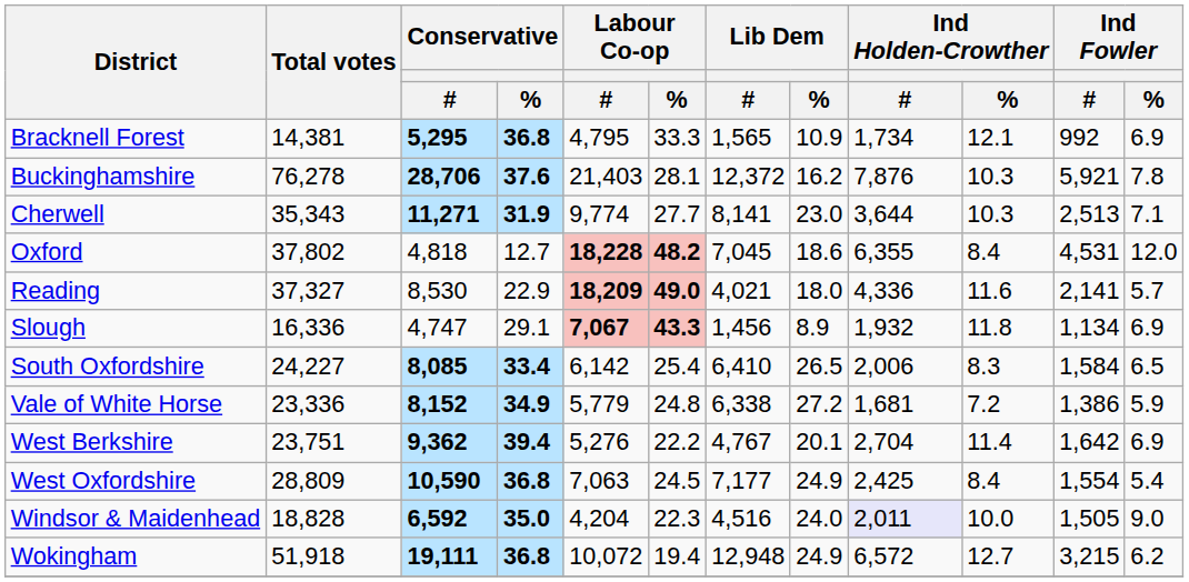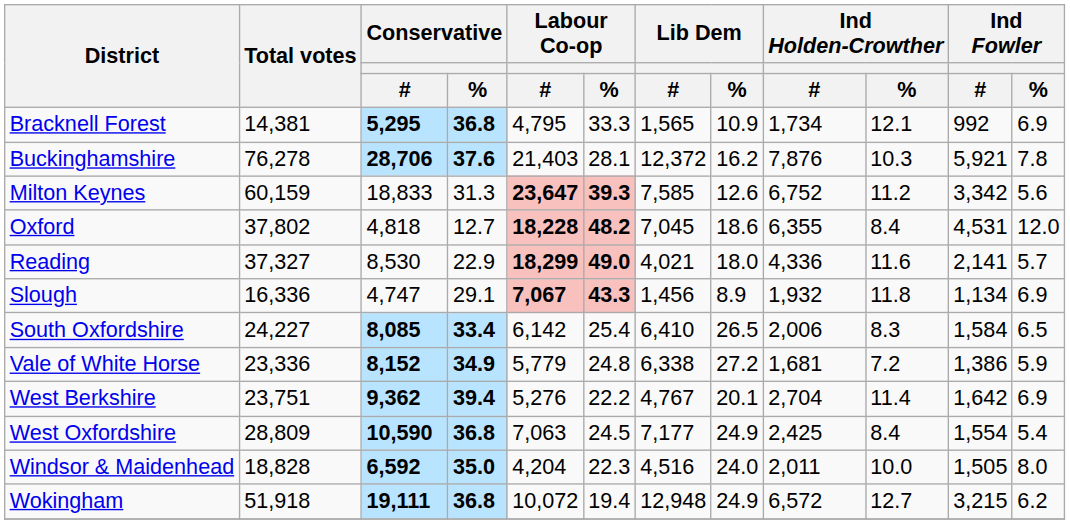 <table class="wikitable sortable">
 <tr>
 <th rowspan=3>District</th>
 <th rowspan=3>Total votes</th>
 <th colspan="2">Conservative</th>
 <th colspan="2">Labour<br>Co-op</th>
 <th colspan="2">Lib Dem</th>
 <th colspan="2">Ind<br><strong><em>Holden-Crowther</em></strong></th>
 <th colspan="2">Ind<br><strong><em>Fowler</em></strong></th>
 </tr>
 <tr>
 <th colspan="2" style="background:"></th>
 <th colspan="2" style="background:"></th>
 <th colspan="2" style="background:"></th>
 <th colspan="2" style="background:"></th>
 <th colspan="2" style="background:"></th>
 </tr>
 <tr>
 <th>#</th>
 <th>%</th>
 <th>#</th>
 <th>%</th>
 <th>#</th>
 <th>%</th>
 <th>#</th>
 <th>%</th>
 <th>#</th>
 <th>%</th>
 </tr>
 <tr>
 <td><a href='#'>Bracknell Forest</a></td>
 <td>14,381</td>
 <td style="background:#B9E4FF;"><strong>5,295</strong></td>
 <td style="background:#B9E4FF;"><strong>36.8</strong></td>
 <td>4,795</td>
 <td>33.3</td>
 <td>1,565</td>
 <td>10.9</td>
 <td>1,734</td>
 <td>12.1</td>
 <td>992</td>
 <td>6.9</td>
 </tr>
 <tr>
 <td><a href='#'>Buckinghamshire</a></td>
 <td>76,278</td>
 <td style="background:#B9E4FF;"><strong>28,706</strong></td>
 <td style="background:#B9E4FF;"><strong>37.6</strong></td>
 <td>21,403</td>
 <td>28.1</td>
 <td>12,372</td>
 <td>16.2</td>
 <td>7,876</td>
 <td>10.3</td>
 <td>5,921</td>
 <td>7.8</td>
 </tr>
 <tr>
-<td><a href='#'>Cherwell</a></td>
-<td>35,343</td>
-<td style="background:#B9E4FF;"><strong>11,271</strong></td>
-<td style="background:#B9E4FF;"><strong>31.9</strong></td>
-<td>9,774</td>
-<td>27.7</td>
-<td>8,141</td>
-<td>23.0</td>
-<td>3,644</td>
-<td>10.3</td>
-<td>2,513</td>
-<td>7.1</td>
+<td><a href='#'>Milton Keynes</a></td>
+<td>60,159</td>
+<td>18,833</td>
+<td>31.3</td>
+<td style="background:#F8C1BE;"><strong>23,647</strong></td>
+<td style="background:#F8C1BE;"><strong>39.3</strong></td>
+<td>7,585</td>
+<td>12.6</td>
+<td>6,752</td>
+<td>11.2</td>
+<td>3,342</td>
+<td>5.6</td>
 </tr>
 <tr>
 <td><a href='#'>Oxford</a></td>
 <td>37,802</td>
 <td>4,818</td>
 <td>12.7</td>
 <td style="background:#F8C1BE;"><strong>18,228</strong></td>
 <td style="background:#F8C1BE;"><strong>48.2</strong></td>
 <td>7,045</td>
 <td>18.6</td>
 <td>6,355</td>
 <td>8.4</td>
 <td>4,531</td>
 <td>12.0</td>
 </tr>
 <tr>
 <td><a href='#'>Reading</a></td>
 <td>37,327</td>
 <td>8,530</td>
 <td>22.9</td>
-<td style="background:#F8C1BE;"><strong>18,209</strong></td>
+<td style="background:#F8C1BE;"><strong>18,299</strong></td>
 <td style="background:#F8C1BE;"><strong>49.0</strong></td>
 <td>4,021</td>
 <td>18.0</td>
 <td>4,336</td>
 <td>11.6</td>
 <td>2,141</td>
 <td>5.7</td>
 </tr>
 <tr>
 <td><a href='#'>Slough</a></td>
 <td>16,336</td>
 <td>4,747</td>
 <td>29.1</td>
 <td style="background:#F8C1BE;"><strong>7,067</strong></td>
 <td style="background:#F8C1BE;"><strong>43.3</strong></td>
 <td>1,456</td>
 <td>8.9</td>
 <td>1,932</td>
 <td>11.8</td>
 <td>1,134</td>
 <td>6.9</td>
 </tr>
 <tr>
 <td><a href='#'>South Oxfordshire</a></td>
 <td>24,227</td>
 <td style="background:#B9E4FF;"><strong>8,085</strong></td>
 <td style="background:#B9E4FF;"><strong>33.4</strong></td>
 <td>6,142</td>
 <td>25.4</td>
 <td>6,410</td>
 <td>26.5</td>
 <td>2,006</td>
 <td>8.3</td>
 <td>1,584</td>
 <td>6.5</td>
 </tr>
 <tr>
 <td><a href='#'>Vale of White Horse</a></td>
 <td>23,336</td>
 <td style="background:#B9E4FF;"><strong>8,152</strong></td>
 <td style="background:#B9E4FF;"><strong>34.9</strong></td>
 <td>5,779</td>
 <td>24.8</td>
 <td>6,338</td>
 <td>27.2</td>
 <td>1,681</td>
 <td>7.2</td>
 <td>1,386</td>
 <td>5.9</td>
 </tr>
 <tr>
 <td><a href='#'>West Berkshire</a></td>
 <td>23,751</td>
 <td style="background:#B9E4FF;"><strong>9,362</strong></td>
 <td style="background:#B9E4FF;"><strong>39.4</strong></td>
 <td>5,276</td>
 <td>22.2</td>
 <td>4,767</td>
 <td>20.1</td>
 <td>2,704</td>
 <td>11.4</td>
 <td>1,642</td>
 <td>6.9</td>
 </tr>
 <tr>
 <td><a href='#'>West Oxfordshire</a></td>
 <td>28,809</td>
 <td style="background:#B9E4FF;"><strong>10,590</strong></td>
 <td style="background:#B9E4FF;"><strong>36.8</strong></td>
 <td>7,063</td>
 <td>24.5</td>
 <td>7,177</td>
 <td>24.9</td>
 <td>2,425</td>
 <td>8.4</td>
 <td>1,554</td>
 <td>5.4</td>
 </tr>
 <tr>
 <td><a href='#'>Windsor & Maidenhead</a></td>
 <td>18,828</td>
 <td style="background:#B9E4FF;"><strong>6,592</strong></td>
 <td style="background:#B9E4FF;"><strong>35.0</strong></td>
 <td>4,204</td>
 <td>22.3</td>
 <td>4,516</td>
 <td>24.0</td>
-<td style="background: lavender;">2,011</td>
+<td>2,011</td>
 <td>10.0</td>
 <td>1,505</td>
-<td>9.0</td>
+<td>8.0</td>
 </tr>
 <tr>
 <td><a href='#'>Wokingham</a></td>
 <td>51,918</td>
 <td style="background:#B9E4FF;"><strong>19,111</strong></td>
 <td style="background:#B9E4FF;"><strong>36.8</strong></td>
 <td>10,072</td>
 <td>19.4</td>
 <td>12,948</td>
 <td>24.9</td>
 <td>6,572</td>
 <td>12.7</td>
 <td>3,215</td>
 <td>6.2</td>
 </tr>
 <tr>
 </tr>
 </table>
